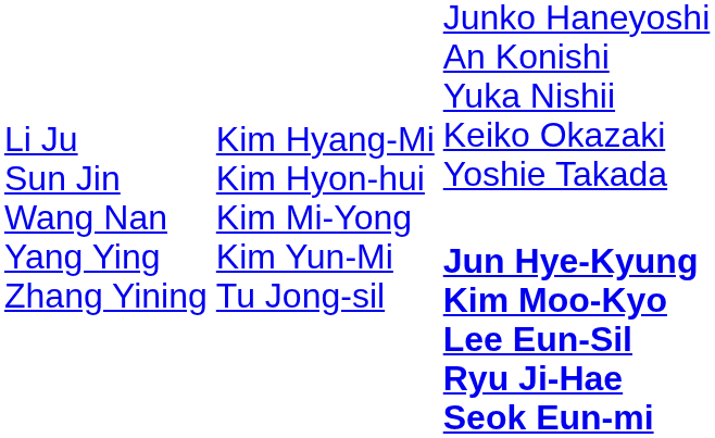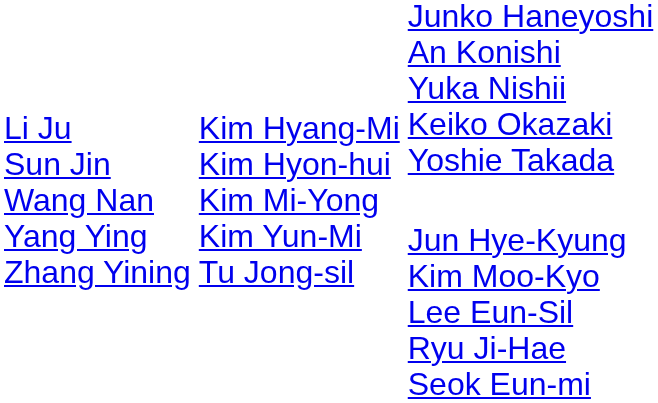 <table>
 <tr>
 <td rowspan=2></td>
 <td rowspan=2><br><a href='#'>Li Ju</a><br><a href='#'>Sun Jin</a><br><a href='#'>Wang Nan</a><br><a href='#'>Yang Ying</a><br><a href='#'>Zhang Yining</a></td>
 <td rowspan=2><br><a href='#'>Kim Hyang-Mi</a><br><a href='#'>Kim Hyon-hui</a><br><a href='#'>Kim Mi-Yong</a><br><a href='#'>Kim Yun-Mi</a><br><a href='#'>Tu Jong-sil</a></td>
 <td><br><a href='#'>Junko Haneyoshi</a><br><a href='#'>An Konishi</a><br><a href='#'>Yuka Nishii</a><br><a href='#'>Keiko Okazaki</a><br><a href='#'>Yoshie Takada</a></td>
 </tr>
 <tr>
-<td><strong><br><a href='#'>Jun Hye-Kyung</a><br><a href='#'>Kim Moo-Kyo</a><br><a href='#'>Lee Eun-Sil</a><br><a href='#'>Ryu Ji-Hae</a><br><a href='#'>Seok Eun-mi</a></strong></td>
+<td><br><a href='#'>Jun Hye-Kyung</a><br><a href='#'>Kim Moo-Kyo</a><br><a href='#'>Lee Eun-Sil</a><br><a href='#'>Ryu Ji-Hae</a><br><a href='#'>Seok Eun-mi</a></td>
 </tr>
 </table>
